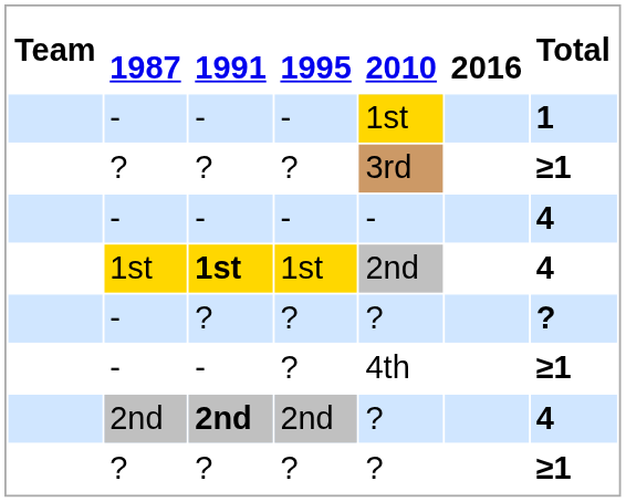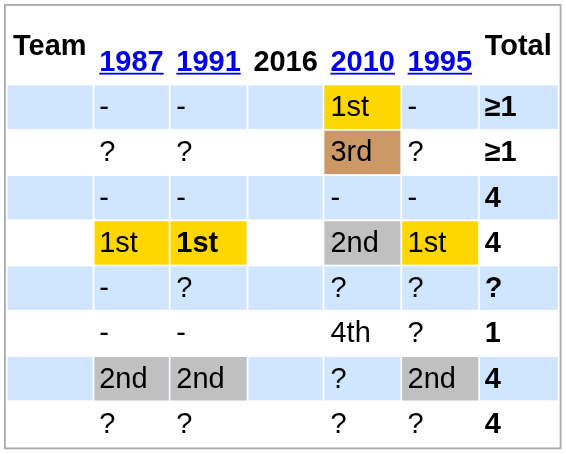 <table border="0" cellspacing="1" cellpadding="3" style="border: 1px solid #aaaaaa;">
 <tr bgcolor=>
 <td><strong>Team</strong></td>
 <td><strong><br><a href='#'>1987</a></strong></td>
 <td><strong><br><a href='#'>1991</a></strong></td>
+<td><strong><br>2016</strong></td>
+<td><strong><br><a href='#'>2010</a></strong></td>
 <td><strong><br><a href='#'>1995</a></strong></td>
-<td><strong><br><a href='#'>2010</a></strong></td>
-<td><strong><br>2016</strong></td>
 <td><strong>Total</strong></td>
 </tr>
 <tr bgcolor=#D0E6FF>
 <td></td>
 <td>-</td>
 <td>-</td>
+<td></td>
+<td bgcolor=gold>1st</td>
 <td>-</td>
-<td bgcolor=gold>1st</td>
-<td></td>
-<td><strong>1</strong></td>
+<td><strong>≥1</strong></td>
 </tr>
 <tr bgcolor=#FFFFFF>
 <td></td>
 <td>?</td>
 <td>?</td>
+<td></td>
+<td bgcolor=cc9966>3rd</td>
 <td>?</td>
-<td bgcolor=cc9966>3rd</td>
-<td></td>
 <td><strong>≥1</strong></td>
 </tr>
 <tr bgcolor=#D0E6FF>
 <td></td>
 <td>-</td>
 <td>-</td>
+<td></td>
 <td>-</td>
 <td>-</td>
-<td></td>
 <td><strong>4</strong></td>
 </tr>
 <tr bgcolor=#FFFFFF>
 <td></td>
 <td bgcolor=gold>1st</td>
 <td bgcolor=gold><strong>1st</strong></td>
+<td></td>
+<td bgcolor=silver>2nd</td>
 <td bgcolor=gold>1st</td>
-<td bgcolor=silver>2nd</td>
-<td></td>
 <td><strong>4</strong></td>
 </tr>
 <tr bgcolor=#D0E6FF>
 <td></td>
 <td>-</td>
 <td>?</td>
+<td></td>
 <td>?</td>
 <td>?</td>
-<td></td>
 <td><strong>?</strong></td>
 </tr>
 <tr bgcolor=#FFFFFF>
 <td></td>
 <td>-</td>
 <td>-</td>
+<td></td>
+<td>4th</td>
 <td>?</td>
-<td>4th</td>
-<td></td>
-<td><strong>≥1</strong></td>
+<td><strong>1</strong></td>
 </tr>
 <tr bgcolor=#D0E6FF>
 <td></td>
 <td bgcolor=silver>2nd</td>
-<td bgcolor=silver><strong>2nd</strong></td>
 <td bgcolor=silver>2nd</td>
+<td></td>
 <td>?</td>
-<td></td>
+<td bgcolor=silver>2nd</td>
 <td><strong>4</strong></td>
 </tr>
 <tr bgcolor=#FFFFFF>
 <td></td>
 <td>?</td>
 <td>?</td>
+<td></td>
 <td>?</td>
 <td>?</td>
-<td></td>
-<td><strong>≥1</strong></td>
+<td><strong>4</strong></td>
 </tr>
 </table>
